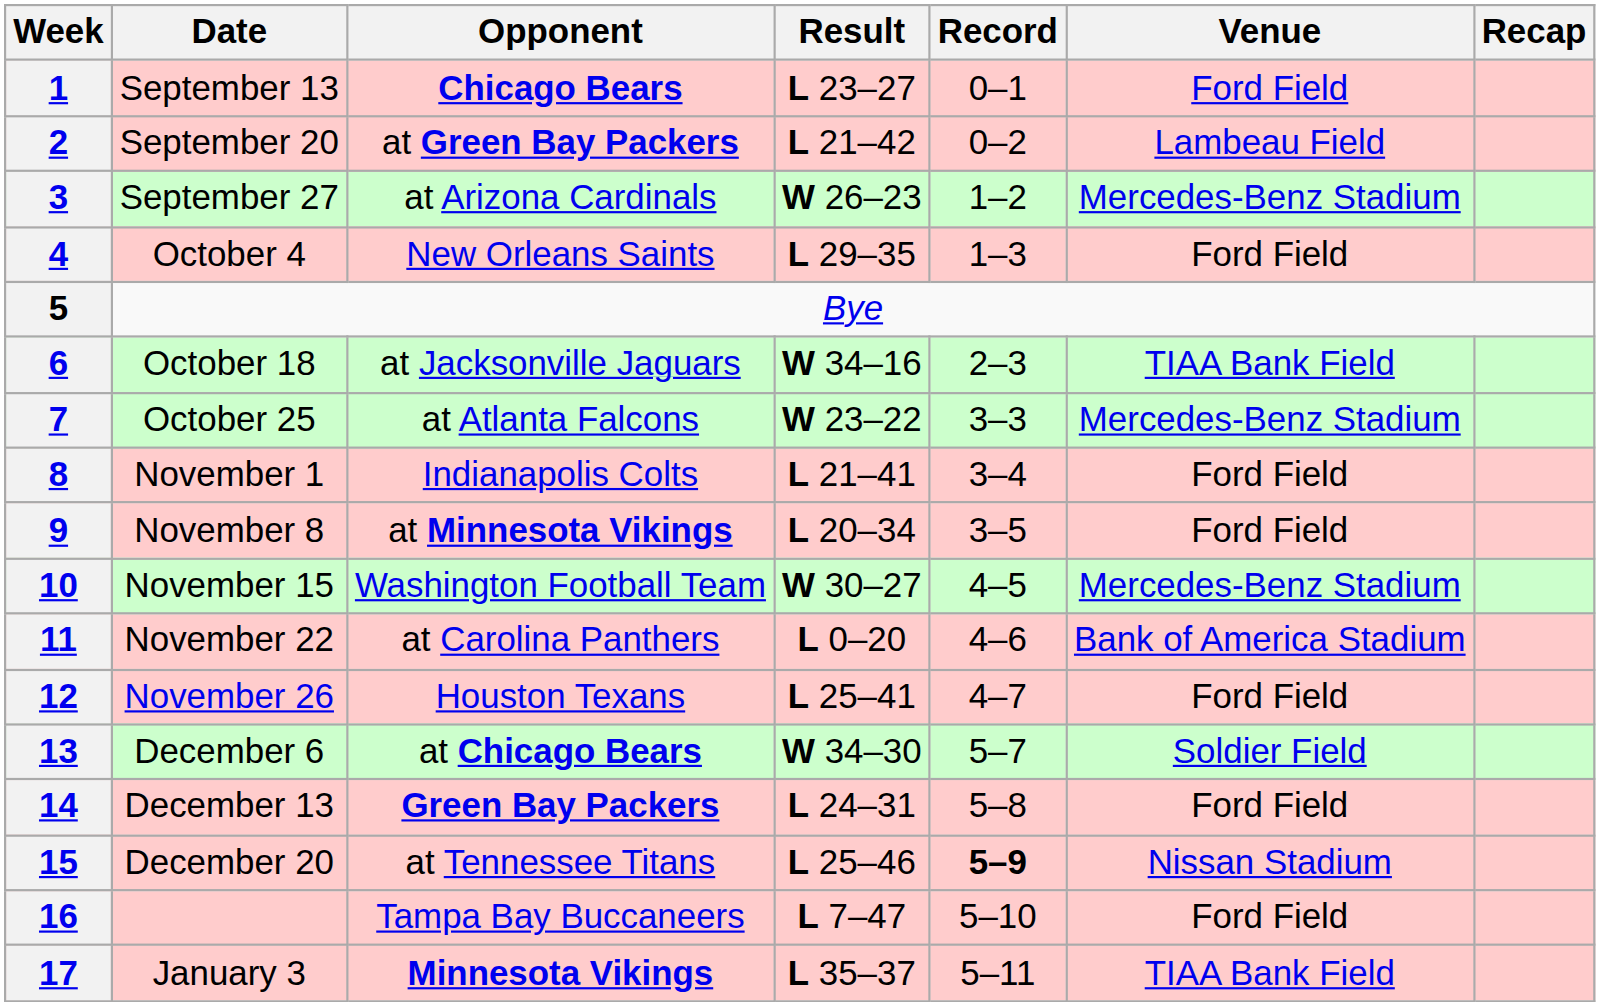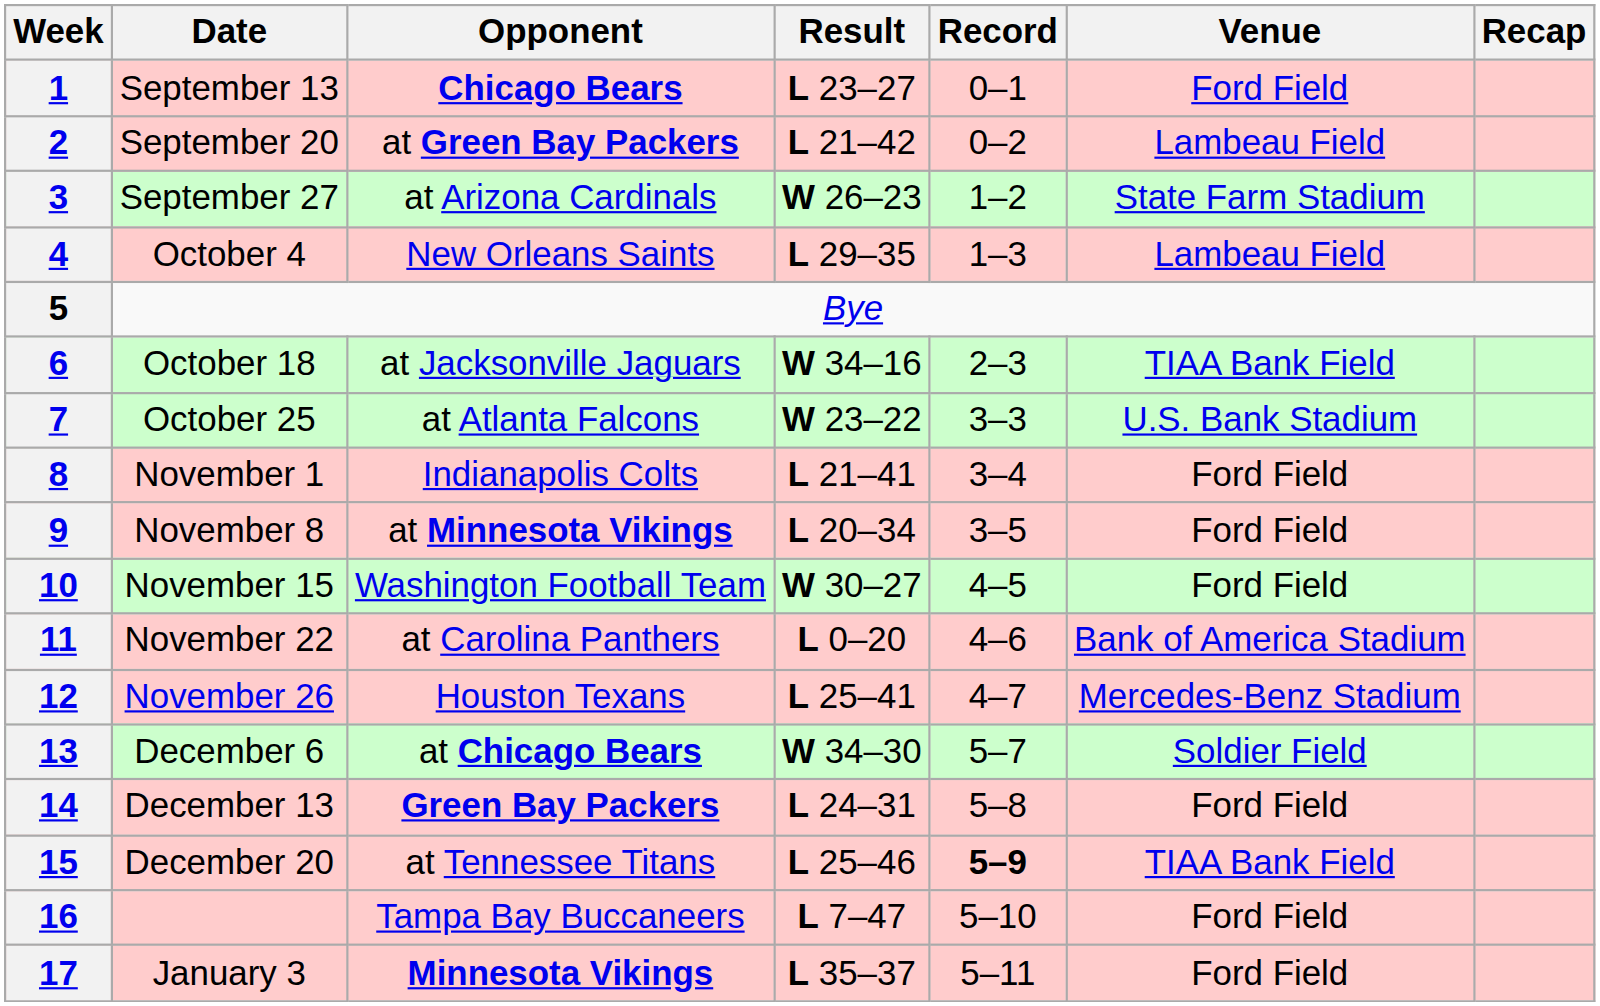 <table class="wikitable" style="text-align:center">
 <tr>
 <th>Week</th>
 <th>Date</th>
 <th>Opponent</th>
 <th>Result</th>
 <th>Record</th>
 <th>Venue</th>
 <th>Recap</th>
 </tr>
 <tr style="background:#fcc">
 <th><a href='#'>1</a></th>
 <td>September 13</td>
 <td><strong><a href='#'>Chicago Bears</a></strong></td>
 <td><strong>L</strong> 23–27</td>
 <td>0–1</td>
 <td><a href='#'>Ford Field</a></td>
 <td></td>
 </tr>
 <tr style="background:#fcc">
 <th><a href='#'>2</a></th>
 <td>September 20</td>
 <td>at <strong><a href='#'>Green Bay Packers</a></strong></td>
 <td><strong>L</strong> 21–42</td>
 <td>0–2</td>
 <td><a href='#'>Lambeau Field</a></td>
 <td></td>
 </tr>
 <tr style="background:#cfc">
 <th><a href='#'>3</a></th>
 <td>September 27</td>
 <td>at <a href='#'>Arizona Cardinals</a></td>
 <td><strong>W</strong> 26–23</td>
 <td>1–2</td>
-<td><a href='#'>Mercedes-Benz Stadium</a></td>
+<td><a href='#'>State Farm Stadium</a></td>
 <td></td>
 </tr>
 <tr style="background:#fcc">
 <th><a href='#'>4</a></th>
 <td>October 4</td>
 <td><a href='#'>New Orleans Saints</a></td>
 <td><strong>L</strong> 29–35</td>
 <td>1–3</td>
-<td>Ford Field</td>
+<td><a href='#'>Lambeau Field</a></td>
 <td></td>
 </tr>
 <tr>
 <th>5</th>
 <td colspan="6"><em><a href='#'>Bye</a></em></td>
 </tr>
 <tr style="background:#cfc">
 <th><a href='#'>6</a></th>
 <td>October 18</td>
 <td>at <a href='#'>Jacksonville Jaguars</a></td>
 <td><strong>W</strong> 34–16</td>
 <td>2–3</td>
 <td><a href='#'>TIAA Bank Field</a></td>
 <td></td>
 </tr>
 <tr style="background:#cfc">
 <th><a href='#'>7</a></th>
 <td>October 25</td>
 <td>at <a href='#'>Atlanta Falcons</a></td>
 <td><strong>W</strong> 23–22</td>
 <td>3–3</td>
-<td><a href='#'>Mercedes-Benz Stadium</a></td>
+<td><a href='#'>U.S. Bank Stadium</a></td>
 <td></td>
 </tr>
 <tr style="background:#fcc">
 <th><a href='#'>8</a></th>
 <td>November 1</td>
 <td><a href='#'>Indianapolis Colts</a></td>
 <td><strong>L</strong> 21–41</td>
 <td>3–4</td>
 <td>Ford Field</td>
 <td></td>
 </tr>
 <tr style="background:#fcc">
 <th><a href='#'>9</a></th>
 <td>November 8</td>
 <td>at <strong><a href='#'>Minnesota Vikings</a></strong></td>
 <td><strong>L</strong> 20–34</td>
 <td>3–5</td>
 <td>Ford Field</td>
 <td></td>
 </tr>
 <tr style="background:#cfc">
 <th><a href='#'>10</a></th>
 <td>November 15</td>
 <td><a href='#'>Washington Football Team</a></td>
 <td><strong>W</strong> 30–27</td>
 <td>4–5</td>
-<td><a href='#'>Mercedes-Benz Stadium</a></td>
+<td>Ford Field</td>
 <td></td>
 </tr>
 <tr style="background:#fcc">
 <th><a href='#'>11</a></th>
 <td>November 22</td>
 <td>at <a href='#'>Carolina Panthers</a></td>
 <td><strong>L</strong> 0–20</td>
 <td>4–6</td>
 <td><a href='#'>Bank of America Stadium</a></td>
 <td></td>
 </tr>
 <tr style="background:#fcc">
 <th><a href='#'>12</a></th>
 <td><a href='#'>November 26</a></td>
 <td><a href='#'>Houston Texans</a></td>
 <td><strong>L</strong> 25–41</td>
 <td>4–7</td>
-<td>Ford Field</td>
+<td><a href='#'>Mercedes-Benz Stadium</a></td>
 <td></td>
 </tr>
 <tr style="background:#cfc">
 <th><a href='#'>13</a></th>
 <td>December 6</td>
 <td>at <strong><a href='#'>Chicago Bears</a></strong></td>
 <td><strong>W</strong> 34–30</td>
 <td>5–7</td>
 <td><a href='#'>Soldier Field</a></td>
 <td></td>
 </tr>
 <tr style="background:#fcc">
 <th><a href='#'>14</a></th>
 <td>December 13</td>
 <td><strong><a href='#'>Green Bay Packers</a></strong></td>
 <td><strong>L</strong> 24–31</td>
 <td>5–8</td>
 <td>Ford Field</td>
 <td></td>
 </tr>
 <tr style="background:#fcc">
 <th><a href='#'>15</a></th>
 <td>December 20</td>
 <td>at <a href='#'>Tennessee Titans</a></td>
 <td><strong>L</strong> 25–46</td>
 <td><strong>5–9</strong></td>
-<td><a href='#'>Nissan Stadium</a></td>
+<td><a href='#'>TIAA Bank Field</a></td>
 <td></td>
 </tr>
 <tr style="background:#fcc">
 <th><a href='#'>16</a></th>
 <td></td>
 <td><a href='#'>Tampa Bay Buccaneers</a></td>
 <td><strong>L</strong> 7–47</td>
 <td>5–10</td>
 <td>Ford Field</td>
 <td></td>
 </tr>
 <tr style="background:#fcc">
 <th><a href='#'>17</a></th>
 <td>January 3</td>
 <td><strong><a href='#'>Minnesota Vikings</a></strong></td>
 <td><strong>L</strong> 35–37</td>
 <td>5–11</td>
-<td><a href='#'>TIAA Bank Field</a></td>
+<td>Ford Field</td>
 <td></td>
 </tr>
 </table>
